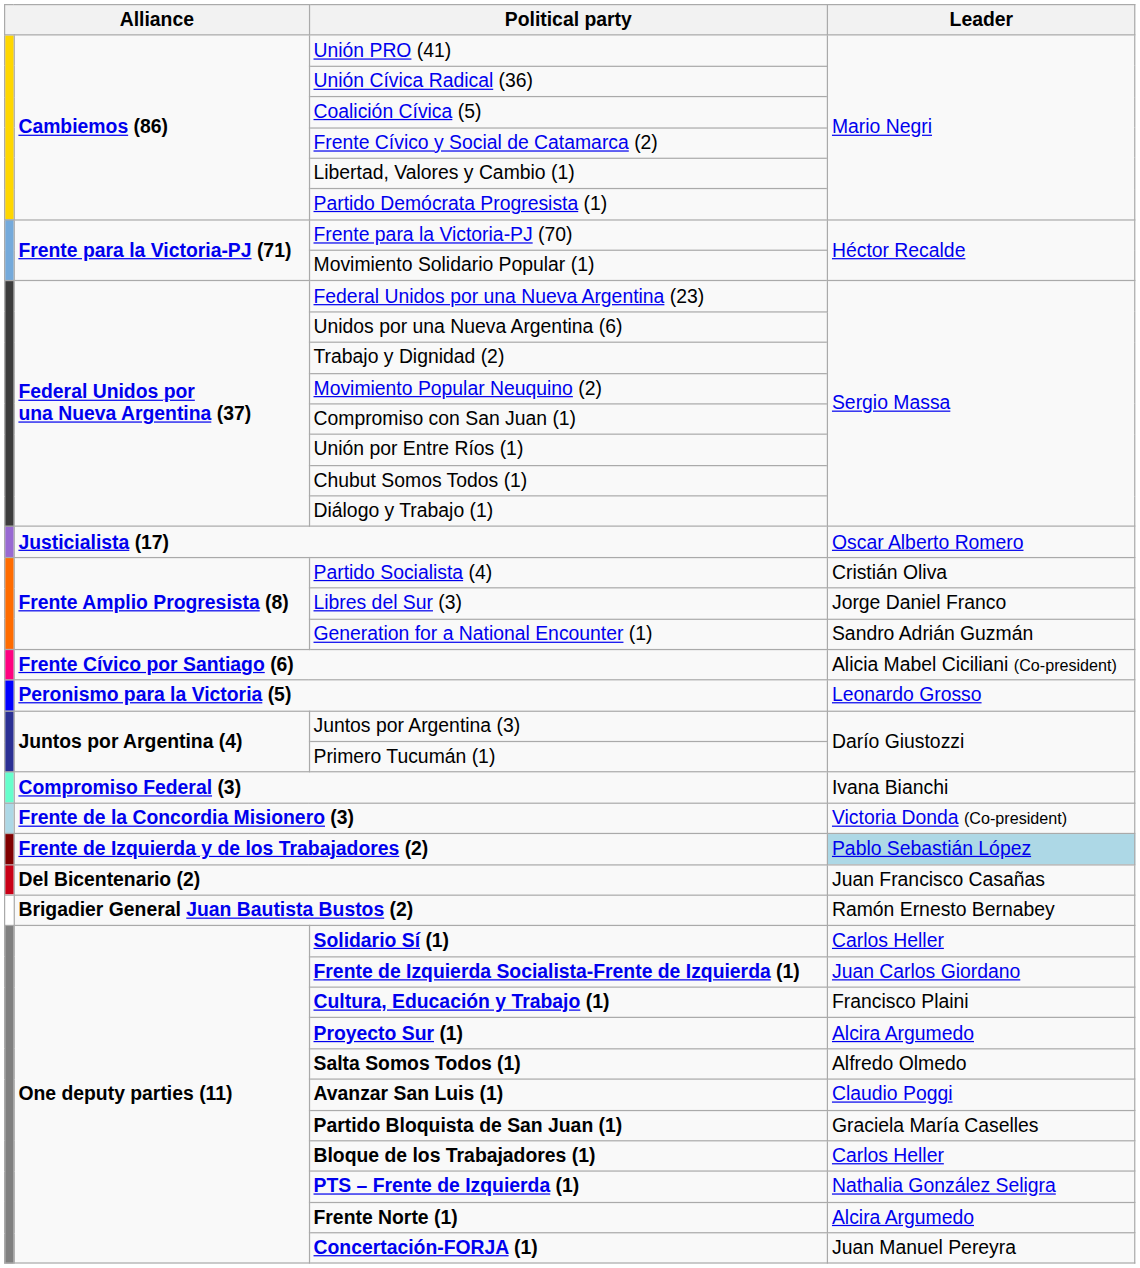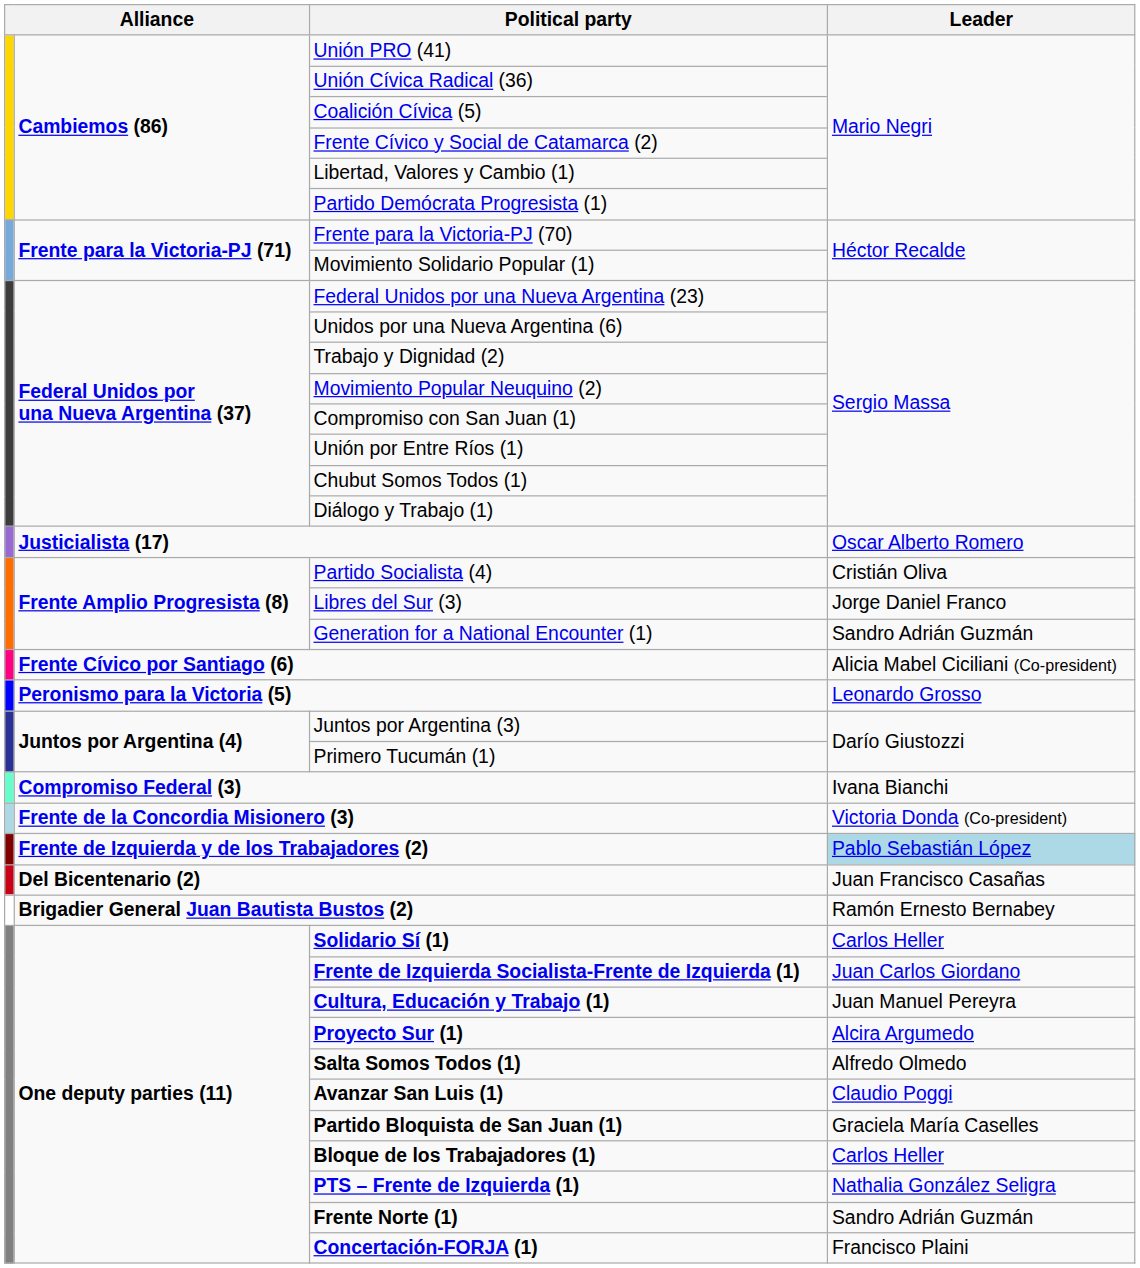 <table class="wikitable" width="74%">
 <tr>
 <th colspan="2">Alliance</th>
 <th>Political party</th>
 <th>Leader</th>
 </tr>
 <tr>
 <td rowspan=6 bgcolor=#FFD700></td>
 <td rowspan=6><strong><a href='#'>Cambiemos</a> (86)</strong></td>
 <td><a href='#'>Unión PRO</a> (41)</td>
 <td rowspan=6><a href='#'>Mario Negri</a></td>
 </tr>
 <tr>
 <td><a href='#'>Unión Cívica Radical</a> (36)</td>
 </tr>
 <tr>
 <td><a href='#'>Coalición Cívica</a> (5)</td>
 </tr>
 <tr>
 <td><a href='#'>Frente Cívico y Social de Catamarca</a> (2)</td>
 </tr>
 <tr>
 <td>Libertad, Valores y Cambio (1)</td>
 </tr>
 <tr>
 <td><a href='#'>Partido Demócrata Progresista</a> (1)</td>
 </tr>
 <tr>
 <td rowspan=2 bgcolor=#75AADB></td>
 <td rowspan=2><strong><a href='#'>Frente para la Victoria-PJ</a> (71)</strong></td>
 <td><a href='#'>Frente para la Victoria-PJ</a> (70)</td>
 <td rowspan=2><a href='#'>Héctor Recalde</a></td>
 </tr>
 <tr>
 <td>Movimiento Solidario Popular (1)</td>
 </tr>
 <tr>
 <td bgcolor=#3C3C3C rowspan=8></td>
 <td rowspan=8><strong><a href='#'>Federal Unidos por<br>una Nueva Argentina</a>  (37)</strong></td>
 <td><a href='#'>Federal Unidos por una Nueva Argentina</a> (23)</td>
 <td rowspan=8><a href='#'>Sergio Massa</a></td>
 </tr>
 <tr>
 <td>Unidos por una Nueva Argentina (6)</td>
 </tr>
 <tr>
 <td>Trabajo y Dignidad (2)</td>
 </tr>
 <tr>
 <td><a href='#'>Movimiento Popular Neuquino</a> (2)</td>
 </tr>
 <tr>
 <td>Compromiso con San Juan (1)</td>
 </tr>
 <tr>
 <td>Unión por Entre Ríos (1)</td>
 </tr>
 <tr>
 <td>Chubut Somos Todos (1)</td>
 </tr>
 <tr>
 <td>Diálogo y Trabajo (1)</td>
 </tr>
 <tr>
 <td bgcolor=#9869d2></td>
 <td colspan=2><strong><a href='#'>Justicialista</a> (17)</strong></td>
 <td><a href='#'>Oscar Alberto Romero</a></td>
 </tr>
 <tr>
 <td rowspan=3 bgcolor=#ff6c00></td>
 <td rowspan=3><strong><a href='#'>Frente Amplio Progresista</a> (8)</strong></td>
 <td><a href='#'>Partido Socialista</a> (4)</td>
 <td>Cristián Oliva</td>
 </tr>
 <tr>
 <td><a href='#'>Libres del Sur</a> (3)</td>
 <td>Jorge Daniel Franco</td>
 </tr>
 <tr>
 <td><a href='#'>Generation for a National Encounter</a> (1)</td>
 <td>Sandro Adrián Guzmán</td>
 </tr>
 <tr>
 <td bgcolor=#FF0080></td>
 <td colspan=2><strong><a href='#'>Frente Cívico por Santiago</a> (6)</strong></td>
 <td>Alicia Mabel Ciciliani <small>(Co-president)</small></td>
 </tr>
 <tr>
 <td bgcolor=blue></td>
 <td colspan=2><strong><a href='#'>Peronismo para la Victoria</a> (5)</strong></td>
 <td><a href='#'>Leonardo Grosso</a></td>
 </tr>
 <tr>
 <td rowspan=2 bgcolor=#2B3094></td>
 <td rowspan=2><strong>Juntos por Argentina (4)</strong></td>
 <td>Juntos por Argentina (3)</td>
 <td rowspan=2>Darío Giustozzi</td>
 </tr>
 <tr>
 <td>Primero Tucumán (1)</td>
 </tr>
 <tr>
 <td bgcolor=#66FFCC></td>
 <td colspan=2><strong><a href='#'>Compromiso Federal</a> (3)</strong></td>
 <td>Ivana Bianchi</td>
 </tr>
 <tr>
 <td bgcolor=Lightblue></td>
 <td colspan=2><strong><a href='#'>Frente de la Concordia Misionero</a> (3)</strong></td>
 <td><a href='#'>Victoria Donda</a> <small>(Co-president)</small></td>
 </tr>
 <tr>
 <td bgcolor=#800000></td>
 <td colspan=2><strong><a href='#'>Frente de Izquierda y de los Trabajadores</a> (2)</strong></td>
 <td style="background: lightblue;"><a href='#'>Pablo Sebastián López</a></td>
 </tr>
 <tr>
 <td bgcolor=#C90016></td>
 <td colspan=2><strong>Del Bicentenario (2)</strong></td>
 <td>Juan Francisco Casañas</td>
 </tr>
 <tr>
 <td bgcolor=white></td>
 <td colspan=2><strong>Brigadier General <a href='#'>Juan Bautista Bustos</a> (2)</strong></td>
 <td>Ramón Ernesto Bernabey</td>
 </tr>
 <tr>
 <td rowspan=11 bgcolor=gray></td>
 <td rowspan=11><strong>One deputy parties (11)</strong></td>
 <td><strong><a href='#'>Solidario Sí</a> (1)</strong></td>
 <td><a href='#'>Carlos Heller</a></td>
 </tr>
 <tr>
 <td><strong><a href='#'>Frente de Izquierda Socialista-Frente de Izquierda</a> (1)</strong></td>
 <td><a href='#'>Juan Carlos Giordano</a></td>
 </tr>
 <tr>
 <td><strong><a href='#'>Cultura, Educación y Trabajo</a> (1)</strong></td>
-<td>Francisco Plaini</td>
+<td>Juan Manuel Pereyra</td>
 </tr>
 <tr>
 <td><strong><a href='#'>Proyecto Sur</a> (1)</strong></td>
 <td><a href='#'>Alcira Argumedo</a></td>
 </tr>
 <tr>
 <td><strong>Salta Somos Todos (1)</strong></td>
 <td>Alfredo Olmedo</td>
 </tr>
 <tr>
 <td><strong>Avanzar San Luis (1)</strong></td>
 <td><a href='#'>Claudio Poggi</a></td>
 </tr>
 <tr>
 <td><strong>Partido Bloquista de San Juan (1)</strong></td>
 <td>Graciela María Caselles</td>
 </tr>
 <tr>
 <td><strong>Bloque de los Trabajadores (1)</strong></td>
 <td><a href='#'>Carlos Heller</a></td>
 </tr>
 <tr>
 <td><strong><a href='#'>PTS – Frente de Izquierda</a> (1)</strong></td>
 <td><a href='#'>Nathalia González Seligra</a></td>
 </tr>
 <tr>
 <td><strong>Frente Norte (1)</strong></td>
-<td><a href='#'>Alcira Argumedo</a></td>
+<td>Sandro Adrián Guzmán</td>
 </tr>
 <tr>
 <td><strong><a href='#'>Concertación-FORJA</a> (1)</strong></td>
-<td>Juan Manuel Pereyra</td>
+<td>Francisco Plaini</td>
 </tr>
 </table>
